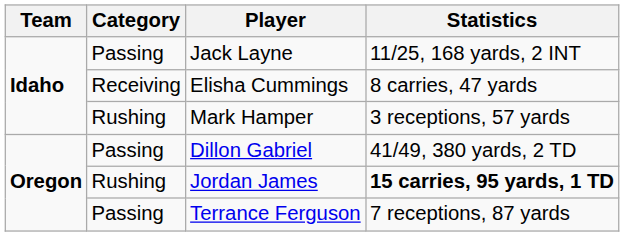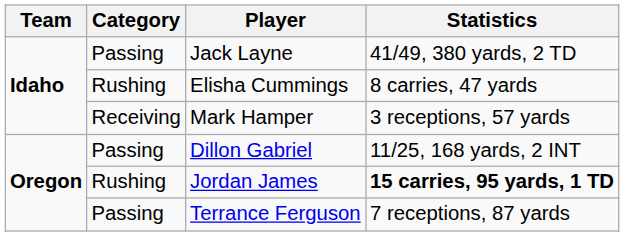 <table class="wikitable" style="float: right;">
 <tr>
 <th>Team</th>
 <th>Category</th>
 <th>Player</th>
 <th>Statistics</th>
 </tr>
 <tr>
 <td rowspan=3><strong>Idaho</strong></td>
 <td>Passing</td>
 <td>Jack Layne</td>
-<td>11/25, 168 yards, 2 INT</td>
+<td>41/49, 380 yards, 2 TD</td>
 </tr>
 <tr>
-<td>Receiving</td>
+<td>Rushing</td>
 <td>Elisha Cummings</td>
 <td>8 carries, 47 yards</td>
 </tr>
 <tr>
-<td>Rushing</td>
+<td>Receiving</td>
 <td>Mark Hamper</td>
 <td>3 receptions, 57 yards</td>
 </tr>
 <tr>
 <td rowspan=3><strong>Oregon</strong></td>
 <td>Passing</td>
 <td><a href='#'>Dillon Gabriel</a></td>
-<td>41/49, 380 yards, 2 TD</td>
+<td>11/25, 168 yards, 2 INT</td>
 </tr>
 <tr>
 <td>Rushing</td>
 <td><a href='#'>Jordan James</a></td>
 <td><strong>15 carries, 95 yards, 1 TD</strong></td>
 </tr>
 <tr>
 <td>Passing</td>
 <td><a href='#'>Terrance Ferguson</a></td>
 <td>7 receptions, 87 yards</td>
 </tr>
 </table>
